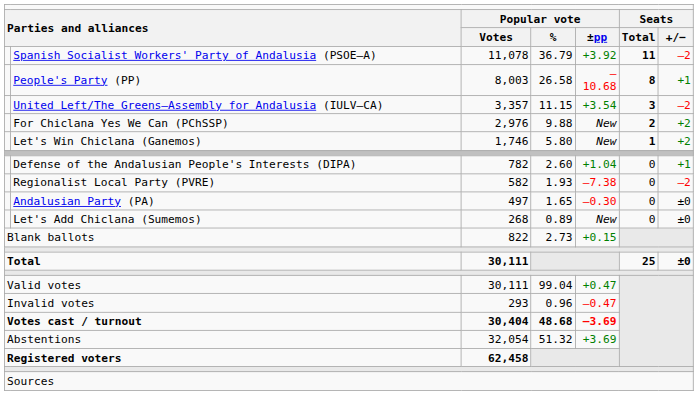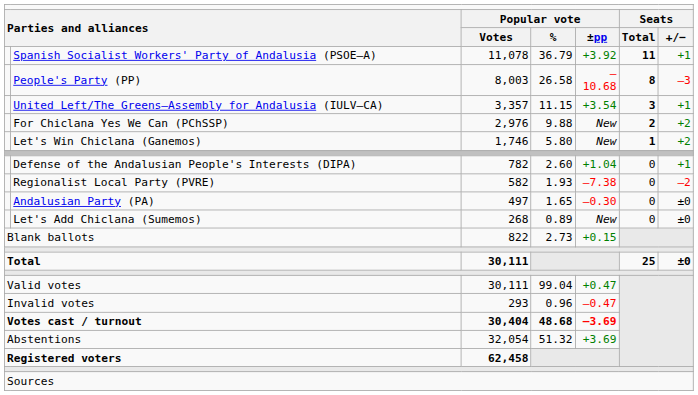 <table class="wikitable" style="text-align:right;">
 <tr>
 <td colspan="7"></td>
 </tr>
 <tr>
 <th style="text-align:left;" rowspan="2" colspan="2" width="525">Parties and alliances</th>
 <th colspan="3">Popular vote</th>
 <th colspan="2">Seats</th>
 </tr>
 <tr>
 <th width="75">Votes</th>
 <th width="45">%</th>
 <th width="45">±<a href='#'>pp</a></th>
 <th width="35">Total</th>
 <th width="35">+/−</th>
 </tr>
 <tr>
 <td width="1" style="color:inherit;background:"></td>
 <td align="left"><a href='#'>Spanish Socialist Workers' Party of Andalusia</a> (PSOE–A)</td>
 <td>11,078</td>
 <td>36.79</td>
 <td style="color:green;">+3.92</td>
 <td><strong>11</strong></td>
-<td style="color:red;">–2</td>
+<td style="color:green;">+1</td>
 </tr>
 <tr>
 <td style="color:inherit;background:"></td>
 <td align="left"><a href='#'>People's Party</a> (PP)</td>
 <td>8,003</td>
 <td>26.58</td>
 <td style="color:red;">–10.68</td>
 <td><strong>8</strong></td>
-<td style="color:green;">+1</td>
+<td style="color:red;">–3</td>
 </tr>
 <tr>
 <td style="color:inherit;background:"></td>
 <td align="left"><a href='#'>United Left/The Greens–Assembly for Andalusia</a> (IULV–CA)</td>
 <td>3,357</td>
 <td>11.15</td>
 <td style="color:green;">+3.54</td>
 <td><strong>3</strong></td>
-<td style="color:red;">–2</td>
+<td style="color:green;">+1</td>
 </tr>
 <tr>
 <td style="color:inherit;background:"></td>
 <td align="left">For Chiclana Yes We Can (PChSSP)</td>
 <td>2,976</td>
 <td>9.88</td>
 <td><em>New</em></td>
 <td><strong>2</strong></td>
 <td style="color:green;">+2</td>
 </tr>
 <tr>
 <td style="color:inherit;background:"></td>
 <td align="left">Let's Win Chiclana (Ganemos)</td>
 <td>1,746</td>
 <td>5.80</td>
 <td><em>New</em></td>
 <td><strong>1</strong></td>
 <td style="color:green;">+2</td>
 </tr>
 <tr>
 <td colspan="7" bgcolor="#C0C0C0"></td>
 </tr>
 <tr>
 <td style="color:inherit;background:"></td>
 <td align="left">Defense of the Andalusian People's Interests (DIPA)</td>
 <td>782</td>
 <td>2.60</td>
 <td style="color:green;">+1.04</td>
 <td>0</td>
 <td style="color:green;">+1</td>
 </tr>
 <tr>
 <td style="color:inherit;background:"></td>
 <td align="left">Regionalist Local Party (PVRE)</td>
 <td>582</td>
 <td>1.93</td>
 <td style="color:red;">–7.38</td>
 <td>0</td>
 <td style="color:red;">–2</td>
 </tr>
 <tr>
 <td style="color:inherit;background:"></td>
 <td align="left"><a href='#'>Andalusian Party</a> (PA)</td>
 <td>497</td>
 <td>1.65</td>
 <td style="color:red;">–0.30</td>
 <td>0</td>
 <td>±0</td>
 </tr>
 <tr>
 <td style="color:inherit;background:"></td>
 <td align="left">Let's Add Chiclana (Sumemos)</td>
 <td>268</td>
 <td>0.89</td>
 <td><em>New</em></td>
 <td>0</td>
 <td>±0</td>
 </tr>
 <tr>
 <td align="left" colspan="2">Blank ballots</td>
 <td>822</td>
 <td>2.73</td>
 <td style="color:green;">+0.15</td>
 <td bgcolor="#E9E9E9" colspan="2"></td>
 </tr>
 <tr>
 <td colspan="7" bgcolor="#E9E9E9"></td>
 </tr>
 <tr style="font-weight:bold;">
 <td align="left" colspan="2">Total</td>
 <td>30,111</td>
 <td bgcolor="#E9E9E9" colspan="2"></td>
 <td>25</td>
 <td>±0</td>
 </tr>
 <tr>
 <td colspan="7" bgcolor="#E9E9E9"></td>
 </tr>
 <tr>
 <td align="left" colspan="2">Valid votes</td>
 <td>30,111</td>
 <td>99.04</td>
 <td style="color:green;">+0.47</td>
 <td bgcolor="#E9E9E9" colspan="2" rowspan="5"></td>
 </tr>
 <tr>
 <td align="left" colspan="2">Invalid votes</td>
 <td>293</td>
 <td>0.96</td>
 <td style="color:red;">–0.47</td>
 </tr>
 <tr style="font-weight:bold;">
 <td align="left" colspan="2">Votes cast / turnout</td>
 <td>30,404</td>
 <td>48.68</td>
 <td style="color:red;">–3.69</td>
 </tr>
 <tr>
 <td align="left" colspan="2">Abstentions</td>
 <td>32,054</td>
 <td>51.32</td>
 <td style="color:green;">+3.69</td>
 </tr>
 <tr style="font-weight:bold;">
 <td align="left" colspan="2">Registered voters</td>
 <td>62,458</td>
 <td bgcolor="#E9E9E9" colspan="2"></td>
 </tr>
 <tr>
 <td colspan="7" bgcolor="#E9E9E9"></td>
 </tr>
 <tr>
 <td align="left" colspan="7">Sources</td>
 </tr>
 </table>
